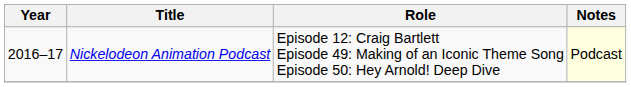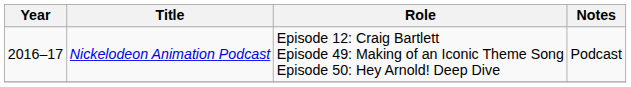 <table class="wikitable">
 <tr style="background:#b0c4de; text-align:center;">
 <th>Year</th>
 <th>Title</th>
 <th>Role</th>
 <th>Notes</th>
 </tr>
 <tr>
 <td>2016–17</td>
 <td><em><a href='#'>Nickelodeon Animation Podcast</a></em></td>
 <td rowspan="1">Episode 12: Craig Bartlett<br>Episode 49: Making of an Iconic Theme Song<br>Episode 50: Hey Arnold! Deep Dive</td>
-<td rowspan="1" style="background: lightyellow;">Podcast</td>
+<td rowspan="1">Podcast</td>
 </tr>
 <tr>
 </tr>
 </table>
